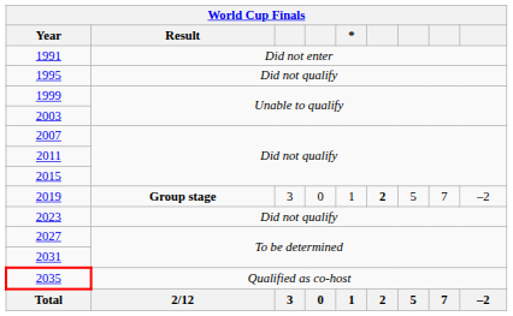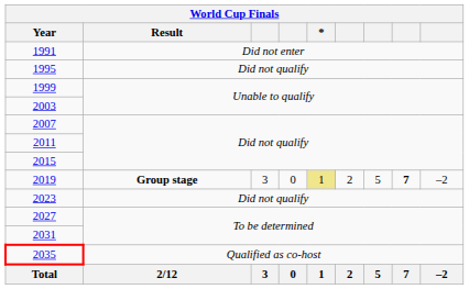 <table class="wikitable" style="text-align: center; width:50%;">
 <tr>
 <th colspan=10><a href='#'>World Cup Finals</a></th>
 </tr>
 <tr>
 <th>Year</th>
 <th>Result</th>
 <th></th>
 <th></th>
 <th>*</th>
 <th></th>
 <th></th>
 <th></th>
 <th></th>
 </tr>
 <tr>
 <td><a href='#'>1991</a></td>
 <td colspan=8><em>Did not enter</em></td>
 </tr>
 <tr>
 <td><a href='#'>1995</a></td>
 <td colspan=8><em>Did not qualify</em></td>
 </tr>
 <tr>
 <td><a href='#'>1999</a></td>
 <td colspan=8 rowspan=2><em>Unable to qualify</em></td>
 </tr>
 <tr>
 <td><a href='#'>2003</a></td>
 </tr>
 <tr>
 <td><a href='#'>2007</a></td>
 <td colspan=8 rowspan=3><em>Did not qualify</em></td>
 </tr>
 <tr>
 <td><a href='#'>2011</a></td>
 </tr>
 <tr>
 <td><a href='#'>2015</a></td>
 </tr>
 <tr>
 <td><a href='#'>2019</a></td>
 <td><strong>Group stage</strong></td>
 <td>3</td>
 <td>0</td>
-<td>1</td>
-<td><strong>2</strong></td>
+<td style="background: khaki;">1</td>
+<td>2</td>
 <td>5</td>
-<td>7</td>
+<td><strong>7</strong></td>
 <td>–2</td>
 </tr>
 <tr>
 <td><a href='#'>2023</a></td>
 <td colspan=8><em>Did not qualify</em></td>
 </tr>
 <tr>
 <td><a href='#'>2027</a></td>
 <td colspan=8 rowspan=2><em>To be determined</em></td>
 </tr>
 <tr>
 <td><a href='#'>2031</a></td>
 </tr>
 <tr>
 <td style="border: 3px solid red"><a href='#'>2035</a></td>
 <td colspan=8><em>Qualified as co-host</em></td>
 </tr>
 <tr>
 <th>Total</th>
 <th>2/12</th>
 <th>3</th>
 <th>0</th>
 <th>1</th>
 <th>2</th>
 <th>5</th>
 <th>7</th>
 <th>–2</th>
 </tr>
 </table>
